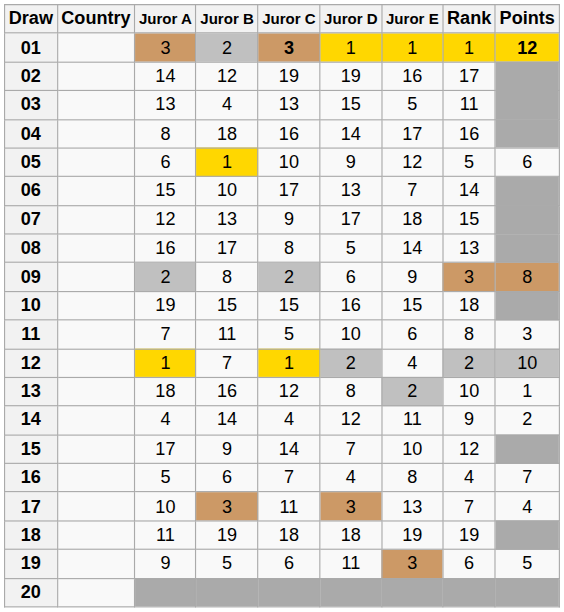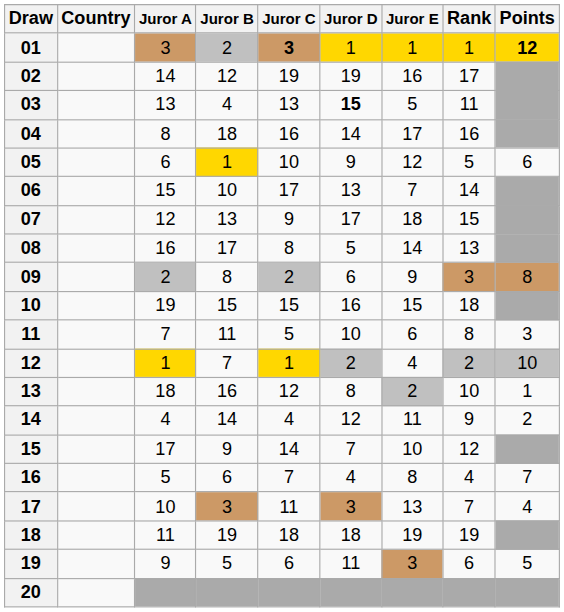 <table class="sortable wikitable collapsible plainrowheaders" style="text-align:center;">
 <tr>
 </tr>
 <tr>
 <th scope="col">Draw</th>
 <th scope="col">Country</th>
 <th scope="col"><small>Juror A</small></th>
 <th scope="col"><small>Juror B</small></th>
 <th scope="col"><small>Juror C</small></th>
 <th scope="col"><small>Juror D</small></th>
 <th scope="col"><small>Juror E</small></th>
 <th scope="col">Rank</th>
 <th scope="col">Points</th>
 </tr>
 <tr>
 <th scope="row" style="text-align:center;">01</th>
 <td style="text-align:left;"></td>
 <td style="background:#CC9966;">3</td>
 <td style="background:silver;">2</td>
 <td style="background:#CC9966;"><strong>3</strong></td>
 <td style="background:gold;">1</td>
 <td style="background:gold;">1</td>
 <td style="background:gold;">1</td>
 <td style="background:gold;"><strong>12</strong></td>
 </tr>
 <tr>
 <th scope="row" style="text-align:center;">02</th>
 <td style="text-align:left;"></td>
 <td>14</td>
 <td>12</td>
 <td>19</td>
 <td>19</td>
 <td>16</td>
 <td>17</td>
 <td style="background:#AAAAAA;"></td>
 </tr>
 <tr>
 <th scope="row" style="text-align:center;">03</th>
 <td style="text-align:left;"></td>
 <td>13</td>
 <td>4</td>
 <td>13</td>
-<td>15</td>
+<td><strong>15</strong></td>
 <td>5</td>
 <td>11</td>
 <td style="background:#AAAAAA;"></td>
 </tr>
 <tr>
 <th scope="row" style="text-align:center;">04</th>
 <td style="text-align:left;"></td>
 <td>8</td>
 <td>18</td>
 <td>16</td>
 <td>14</td>
 <td>17</td>
 <td>16</td>
 <td style="background:#AAAAAA;"></td>
 </tr>
 <tr>
 <th scope="row" style="text-align:center;">05</th>
 <td style="text-align:left;"></td>
 <td>6</td>
 <td style="background:gold;">1</td>
 <td>10</td>
 <td>9</td>
 <td>12</td>
 <td>5</td>
 <td>6</td>
 </tr>
 <tr>
 <th scope="row" style="text-align:center;">06</th>
 <td style="text-align:left;"></td>
 <td>15</td>
 <td>10</td>
 <td>17</td>
 <td>13</td>
 <td>7</td>
 <td>14</td>
 <td style="background:#AAAAAA;"></td>
 </tr>
 <tr>
 <th scope="row" style="text-align:center;">07</th>
 <td style="text-align:left;"></td>
 <td>12</td>
 <td>13</td>
 <td>9</td>
 <td>17</td>
 <td>18</td>
 <td>15</td>
 <td style="background:#AAAAAA;"></td>
 </tr>
 <tr>
 <th scope="row" style="text-align:center;">08</th>
 <td style="text-align:left;"></td>
 <td>16</td>
 <td>17</td>
 <td>8</td>
 <td>5</td>
 <td>14</td>
 <td>13</td>
 <td style="background:#AAAAAA;"></td>
 </tr>
 <tr>
 <th scope="row" style="text-align:center;">09</th>
 <td style="text-align:left;"></td>
 <td style="background:silver;">2</td>
 <td>8</td>
 <td style="background:silver;">2</td>
 <td>6</td>
 <td>9</td>
 <td style="background:#CC9966;">3</td>
 <td style="background:#CC9966;">8</td>
 </tr>
 <tr>
 <th scope="row" style="text-align:center;">10</th>
 <td style="text-align:left;"></td>
 <td>19</td>
 <td>15</td>
 <td>15</td>
 <td>16</td>
 <td>15</td>
 <td>18</td>
 <td style="background:#AAAAAA;"></td>
 </tr>
 <tr>
 <th scope="row" style="text-align:center;">11</th>
 <td style="text-align:left;"></td>
 <td>7</td>
 <td>11</td>
 <td>5</td>
 <td>10</td>
 <td>6</td>
 <td>8</td>
 <td>3</td>
 </tr>
 <tr>
 <th scope="row" style="text-align:center;">12</th>
 <td style="text-align:left;"></td>
 <td style="background:gold;">1</td>
 <td>7</td>
 <td style="background:gold;">1</td>
 <td style="background:silver;">2</td>
 <td>4</td>
 <td style="background:silver;">2</td>
 <td style="background:silver;">10</td>
 </tr>
 <tr>
 <th scope="row" style="text-align:center;">13</th>
 <td style="text-align:left;"></td>
 <td>18</td>
 <td>16</td>
 <td>12</td>
 <td>8</td>
 <td style="background:silver;">2</td>
 <td>10</td>
 <td>1</td>
 </tr>
 <tr>
 <th scope="row" style="text-align:center;">14</th>
 <td style="text-align:left;"></td>
 <td>4</td>
 <td>14</td>
 <td>4</td>
 <td>12</td>
 <td>11</td>
 <td>9</td>
 <td>2</td>
 </tr>
 <tr>
 <th scope="row" style="text-align:center;">15</th>
 <td style="text-align:left;"></td>
 <td>17</td>
 <td>9</td>
 <td>14</td>
 <td>7</td>
 <td>10</td>
 <td>12</td>
 <td style="background:#AAAAAA;"></td>
 </tr>
 <tr>
 <th scope="row" style="text-align:center;">16</th>
 <td style="text-align:left;"></td>
 <td>5</td>
 <td>6</td>
 <td>7</td>
 <td>4</td>
 <td>8</td>
 <td>4</td>
 <td>7</td>
 </tr>
 <tr>
 <th scope="row" style="text-align:center;">17</th>
 <td style="text-align:left;"></td>
 <td>10</td>
 <td style="background:#CC9966;">3</td>
 <td>11</td>
 <td style="background:#CC9966;">3</td>
 <td>13</td>
 <td>7</td>
 <td>4</td>
 </tr>
 <tr>
 <th scope="row" style="text-align:center;">18</th>
 <td style="text-align:left;"></td>
 <td>11</td>
 <td>19</td>
 <td>18</td>
 <td>18</td>
 <td>19</td>
 <td>19</td>
 <td style="background:#AAAAAA;"></td>
 </tr>
 <tr>
 <th scope="row" style="text-align:center;">19</th>
 <td style="text-align:left;"></td>
 <td>9</td>
 <td>5</td>
 <td>6</td>
 <td>11</td>
 <td style="background:#CC9966;">3</td>
 <td>6</td>
 <td>5</td>
 </tr>
 <tr class="sortbottom">
 <th scope="row" style="text-align:center;">20</th>
 <td style="text-align:left;"></td>
 <td style="background:#AAAAAA;"></td>
 <td style="background:#AAAAAA;"></td>
 <td style="background:#AAAAAA;"></td>
 <td style="background:#AAAAAA;"></td>
 <td style="background:#AAAAAA;"></td>
 <td style="background:#AAAAAA;"></td>
 <td style="background:#AAAAAA;"></td>
 </tr>
 </table>
